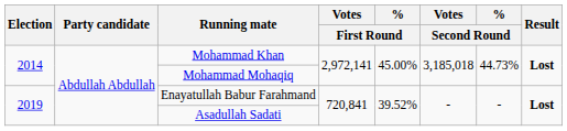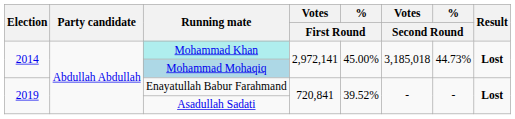 <table class="wikitable" style="text-align:center">
 <tr>
 <th rowspan="2">Election</th>
 <th rowspan="2">Party candidate</th>
 <th rowspan="2">Running mate</th>
 <th>Votes</th>
 <th>%</th>
 <th>Votes</th>
 <th>%</th>
 <th rowspan="2">Result</th>
 </tr>
 <tr>
 <th colspan="2">First Round</th>
 <th colspan="2">Second Round</th>
 </tr>
 <tr>
 <td rowspan="2"><a href='#'>2014</a></td>
 <td rowspan="4"><a href='#'>Abdullah Abdullah</a></td>
-<td><a href='#'>Mohammad Khan</a></td>
+<td style="background: paleturquoise;"><a href='#'>Mohammad Khan</a></td>
 <td rowspan="2">2,972,141</td>
 <td rowspan="2">45.00%</td>
 <td rowspan="2">3,185,018</td>
 <td rowspan="2">44.73%</td>
 <td rowspan="2"><strong>Lost</strong> </td>
 </tr>
 <tr>
-<td><a href='#'>Mohammad Mohaqiq</a></td>
+<td style="background: lightblue;"><a href='#'>Mohammad Mohaqiq</a></td>
 </tr>
 <tr>
 <td rowspan="2"><a href='#'>2019</a></td>
 <td>Enayatullah Babur Farahmand</td>
 <td rowspan="2">720,841</td>
 <td rowspan="2">39.52%</td>
 <td rowspan="2">-</td>
 <td rowspan="2">-</td>
 <td rowspan="2"><strong>Lost</strong> </td>
 </tr>
 <tr>
 <td><a href='#'>Asadullah Sadati</a></td>
 </tr>
 </table>
